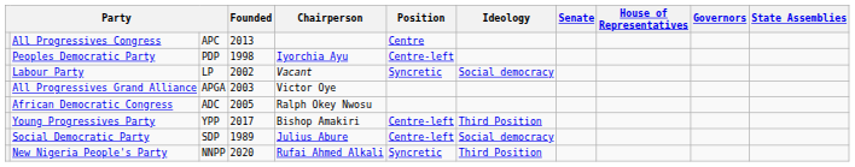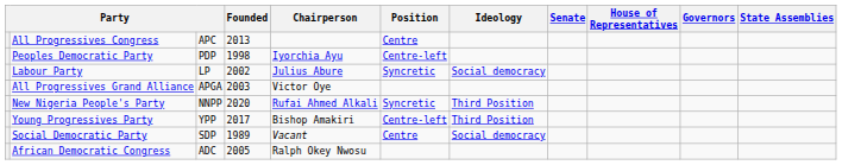 <table class="wikitable">
 <tr>
 <th colspan="3" scope="col" class="unsortable" style="width:20px; text-align:center;">Party</th>
 <th>Founded</th>
 <th>Chairperson</th>
 <th>Position</th>
 <th>Ideology</th>
 <th><a href='#'>Senate</a></th>
 <th><a href='#'>House of<br>Representatives</a></th>
 <th><a href='#'>Governors</a></th>
 <th><a href='#'>State Assemblies</a></th>
 </tr>
 <tr yes>
 <th style="background-color: "></th>
 <td><a href='#'>All Progressives Congress</a></td>
 <td>APC</td>
 <td>2013</td>
 <td></td>
 <td><a href='#'>Centre</a></td>
 <td></td>
 <td></td>
 <td></td>
 <td></td>
 <td></td>
 </tr>
 <tr>
 <th style="background-color: "></th>
 <td><a href='#'>Peoples Democratic Party</a></td>
 <td>PDP</td>
 <td>1998</td>
 <td><a href='#'>Iyorchia Ayu</a></td>
 <td><a href='#'>Centre-left</a></td>
 <td></td>
 <td></td>
 <td></td>
 <td></td>
 <td></td>
 </tr>
 <tr>
 <th style="background-color: "></th>
 <td><a href='#'>Labour Party</a></td>
 <td>LP</td>
 <td>2002</td>
-<td><em>Vacant</em></td>
+<td><a href='#'>Julius Abure</a></td>
 <td><a href='#'>Syncretic</a></td>
 <td><a href='#'>Social democracy</a></td>
 <td></td>
 <td></td>
 <td></td>
 <td></td>
 </tr>
 <tr>
 <th style="background-color: "></th>
 <td><a href='#'>All Progressives Grand Alliance</a></td>
 <td>APGA</td>
 <td>2003</td>
 <td>Victor Oye</td>
 <td></td>
 <td></td>
 <td></td>
 <td></td>
 <td></td>
 <td></td>
 </tr>
 <tr>
 <th style="background-color: "></th>
-<td><a href='#'>African Democratic Congress</a></td>
-<td>ADC</td>
-<td>2005</td>
-<td>Ralph Okey Nwosu</td>
-<td></td>
-<td></td>
+<td><a href='#'>New Nigeria People's Party</a></td>
+<td>NNPP</td>
+<td>2020</td>
+<td><a href='#'>Rufai Ahmed Alkali</a></td>
+<td><a href='#'>Syncretic</a></td>
+<td><a href='#'>Third Position</a></td>
 <td></td>
 <td></td>
 <td></td>
 <td></td>
 </tr>
 <tr>
 <th style="background-color: "></th>
 <td><a href='#'>Young Progressives Party</a></td>
 <td>YPP</td>
 <td>2017</td>
 <td>Bishop Amakiri</td>
 <td><a href='#'>Centre-left</a></td>
 <td><a href='#'>Third Position</a></td>
 <td></td>
 <td></td>
 <td></td>
 <td></td>
 </tr>
 <tr>
 <th style="background-color: "></th>
 <td><a href='#'>Social Democratic Party</a></td>
 <td>SDP</td>
 <td>1989</td>
-<td><a href='#'>Julius Abure</a></td>
-<td><a href='#'>Centre-left</a></td>
+<td><em>Vacant</em></td>
+<td><a href='#'>Centre</a></td>
 <td><a href='#'>Social democracy</a></td>
 <td></td>
 <td></td>
 <td></td>
 <td></td>
 </tr>
 <tr>
 <th style="background-color: "></th>
-<td><a href='#'>New Nigeria People's Party</a></td>
-<td>NNPP</td>
-<td>2020</td>
-<td><a href='#'>Rufai Ahmed Alkali</a></td>
-<td><a href='#'>Syncretic</a></td>
-<td><a href='#'>Third Position</a></td>
+<td><a href='#'>African Democratic Congress</a></td>
+<td>ADC</td>
+<td>2005</td>
+<td>Ralph Okey Nwosu</td>
+<td></td>
+<td></td>
 <td></td>
 <td></td>
 <td></td>
 <td></td>
 </tr>
 </table>
